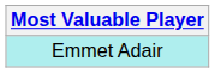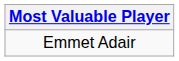 <table class=wikitable style="text-align:center; margin:auto">
 <tr>
 <th><a href='#'>Most Valuable Player</a></th>
 </tr>
 <tr>
-<td style="background: paleturquoise;"> Emmet Adair</td>
+<td> Emmet Adair</td>
 </tr>
 </table>
